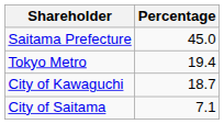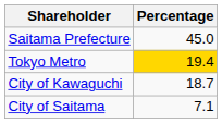 <table class="wikitable">
 <tr>
 <th>Shareholder</th>
 <th>Percentage</th>
 </tr>
 <tr>
 <td><a href='#'>Saitama Prefecture</a></td>
 <td align = right>45.0</td>
 </tr>
 <tr>
 <td><a href='#'>Tokyo Metro</a></td>
-<td align = right>19.4</td>
+<td align = right style="background: gold;">19.4</td>
 </tr>
 <tr>
 <td><a href='#'>City of Kawaguchi</a></td>
 <td align = right>18.7</td>
 </tr>
 <tr>
 <td><a href='#'>City of Saitama</a></td>
 <td align = right>7.1</td>
 </tr>
 </table>
